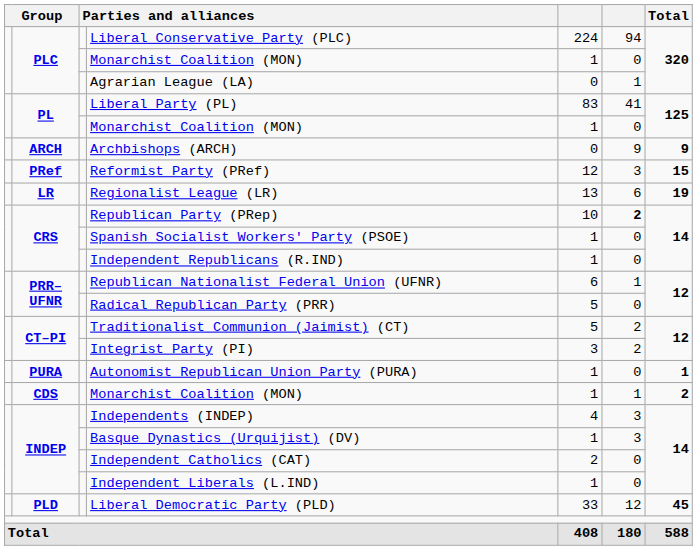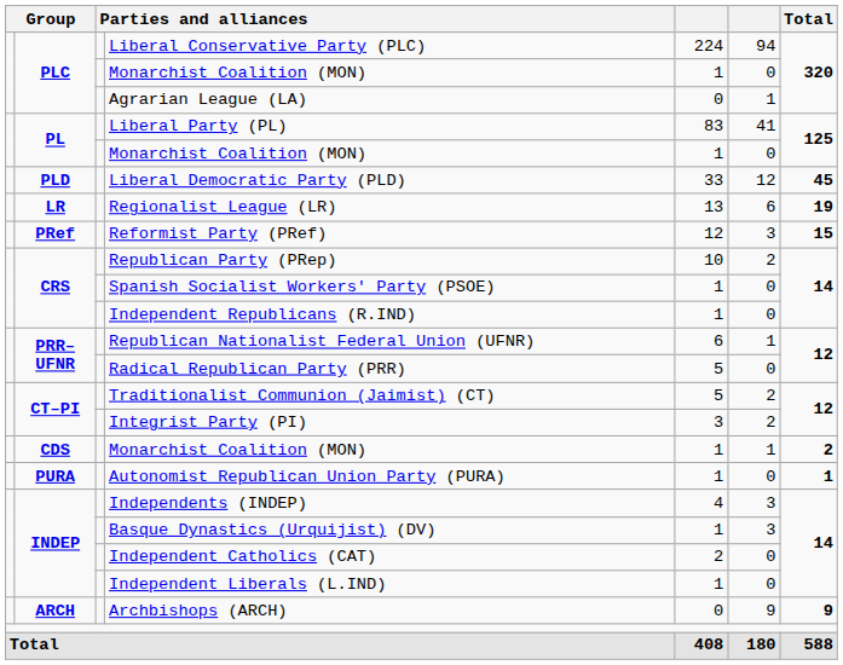 <table class="wikitable" style="text-align:right;">
 <tr>
 <th colspan="2" width="65">Group</th>
 <th style="text-align:left;" colspan="2" width="450">Parties and alliances</th>
 <th width="35"></th>
 <th width="35"></th>
 <th width="35">Total</th>
 </tr>
 <tr>
 <td rowspan="3" width="1"></td>
 <td rowspan="3" align="center"><strong><a href='#'>PLC</a></strong></td>
 <td width="1" style="color:inherit;background:"></td>
 <td align="left"><a href='#'>Liberal Conservative Party</a> (PLC)</td>
 <td>224</td>
 <td>94</td>
 <td rowspan="3"><strong>320</strong></td>
 </tr>
 <tr>
 <td style="color:inherit;background:"></td>
 <td align="left"><a href='#'>Monarchist Coalition</a> (MON)</td>
 <td>1</td>
 <td>0</td>
 </tr>
 <tr>
 <td style="color:inherit;background:"></td>
 <td align="left">Agrarian League (LA)</td>
 <td>0</td>
 <td>1</td>
 </tr>
 <tr>
 <td rowspan="2" style="color:inherit;background:"></td>
 <td rowspan="2" align="center"><strong><a href='#'>PL</a></strong></td>
 <td style="color:inherit;background:"></td>
 <td align="left"><a href='#'>Liberal Party</a> (PL)</td>
 <td>83</td>
 <td>41</td>
 <td rowspan="2"><strong>125</strong></td>
 </tr>
 <tr>
 <td style="color:inherit;background:"></td>
 <td align="left"><a href='#'>Monarchist Coalition</a> (MON)</td>
 <td>1</td>
 <td>0</td>
 </tr>
 <tr>
 <td style="color:inherit;background:"></td>
-<td align="center"><strong><a href='#'>ARCH</a></strong></td>
+<td align="center"><strong><a href='#'>PLD</a></strong></td>
 <td style="color:inherit;background:"></td>
-<td align="left"><a href='#'>Archbishops</a> (ARCH)</td>
-<td>0</td>
-<td>9</td>
-<td><strong>9</strong></td>
+<td align="left"><a href='#'>Liberal Democratic Party</a> (PLD)</td>
+<td>33</td>
+<td>12</td>
+<td><strong>45</strong></td>
+</tr>
+<tr>
+<td style="color:inherit;background:"></td>
+<td align="center"><strong><a href='#'>LR</a></strong></td>
+<td style="color:inherit;background:"></td>
+<td align="left"><a href='#'>Regionalist League</a> (LR)</td>
+<td>13</td>
+<td>6</td>
+<td><strong>19</strong></td>
 </tr>
 <tr>
 <td style="color:inherit;background:"></td>
 <td align="center"><strong><a href='#'>PRef</a></strong></td>
 <td style="color:inherit;background:"></td>
 <td align="left"><a href='#'>Reformist Party</a> (PRef)</td>
 <td>12</td>
 <td>3</td>
 <td><strong>15</strong></td>
 </tr>
 <tr>
-<td style="color:inherit;background:"></td>
-<td align="center"><strong><a href='#'>LR</a></strong></td>
-<td style="color:inherit;background:"></td>
-<td align="left"><a href='#'>Regionalist League</a> (LR)</td>
-<td>13</td>
-<td>6</td>
-<td><strong>19</strong></td>
-</tr>
-<tr>
 <td rowspan="3" style="color:inherit;background:"></td>
 <td rowspan="3" align="center"><strong><a href='#'>CRS</a></strong></td>
 <td style="color:inherit;background:"></td>
 <td align="left"><a href='#'>Republican Party</a> (PRep)</td>
 <td>10</td>
-<td><strong>2</strong></td>
+<td>2</td>
 <td rowspan="3"><strong>14</strong></td>
 </tr>
 <tr>
 <td style="color:inherit;background:"></td>
 <td align="left"><a href='#'>Spanish Socialist Workers' Party</a> (PSOE)</td>
 <td>1</td>
 <td>0</td>
 </tr>
 <tr>
 <td style="color:inherit;background:"></td>
 <td align="left"><a href='#'>Independent Republicans</a> (R.IND)</td>
 <td>1</td>
 <td>0</td>
 </tr>
 <tr>
 <td rowspan="2" style="color:inherit;background:"></td>
 <td rowspan="2" align="center"><strong><a href='#'>PRR–<br>UFNR</a></strong></td>
 <td style="color:inherit;background:"></td>
 <td align="left"><a href='#'>Republican Nationalist Federal Union</a> (UFNR)</td>
 <td>6</td>
 <td>1</td>
 <td rowspan="2"><strong>12</strong></td>
 </tr>
 <tr>
 <td style="color:inherit;background:"></td>
 <td align="left"><a href='#'>Radical Republican Party</a> (PRR)</td>
 <td>5</td>
 <td>0</td>
 </tr>
 <tr>
 <td rowspan="2" style="color:inherit;background:"></td>
 <td rowspan="2" align="center"><strong><a href='#'>CT–PI</a></strong></td>
 <td style="color:inherit;background:"></td>
 <td align="left"><a href='#'>Traditionalist Communion (Jaimist)</a> (CT)</td>
 <td>5</td>
 <td>2</td>
 <td rowspan="2"><strong>12</strong></td>
 </tr>
 <tr>
 <td style="color:inherit;background:"></td>
 <td align="left"><a href='#'>Integrist Party</a> (PI)</td>
 <td>3</td>
 <td>2</td>
 </tr>
 <tr>
 <td style="color:inherit;background:"></td>
+<td align="center"><strong><a href='#'>CDS</a></strong></td>
+<td style="color:inherit;background:"></td>
+<td align="left"><a href='#'>Monarchist Coalition</a> (MON)</td>
+<td>1</td>
+<td>1</td>
+<td><strong>2</strong></td>
+</tr>
+<tr>
+<td style="color:inherit;background:"></td>
 <td align="center"><strong><a href='#'>PURA</a></strong></td>
 <td style="color:inherit;background:"></td>
 <td align="left"><a href='#'>Autonomist Republican Union Party</a> (PURA)</td>
 <td>1</td>
 <td>0</td>
 <td><strong>1</strong></td>
-</tr>
-<tr>
-<td style="color:inherit;background:"></td>
-<td align="center"><strong><a href='#'>CDS</a></strong></td>
-<td style="color:inherit;background:"></td>
-<td align="left"><a href='#'>Monarchist Coalition</a> (MON)</td>
-<td>1</td>
-<td>1</td>
-<td><strong>2</strong></td>
 </tr>
 <tr>
 <td rowspan="4" style="color:inherit;background:"></td>
 <td rowspan="4" align="center"><strong><a href='#'>INDEP</a></strong></td>
 <td style="color:inherit;background:"></td>
 <td align="left"><a href='#'>Independents</a> (INDEP)</td>
 <td>4</td>
 <td>3</td>
 <td rowspan="4"><strong>14</strong></td>
 </tr>
 <tr>
 <td style="color:inherit;background:"></td>
 <td align="left"><a href='#'>Basque Dynastics (Urquijist)</a> (DV)</td>
 <td>1</td>
 <td>3</td>
 </tr>
 <tr>
 <td style="color:inherit;background:"></td>
 <td align="left"><a href='#'>Independent Catholics</a> (CAT)</td>
 <td>2</td>
 <td>0</td>
 </tr>
 <tr>
 <td style="color:inherit;background:"></td>
 <td align="left"><a href='#'>Independent Liberals</a> (L.IND)</td>
 <td>1</td>
 <td>0</td>
 </tr>
 <tr>
 <td style="color:inherit;background:"></td>
-<td align="center"><strong><a href='#'>PLD</a></strong></td>
+<td align="center"><strong><a href='#'>ARCH</a></strong></td>
 <td style="color:inherit;background:"></td>
-<td align="left"><a href='#'>Liberal Democratic Party</a> (PLD)</td>
-<td>33</td>
-<td>12</td>
-<td><strong>45</strong></td>
+<td align="left"><a href='#'>Archbishops</a> (ARCH)</td>
+<td>0</td>
+<td>9</td>
+<td><strong>9</strong></td>
 </tr>
 <tr>
 <td colspan="7"></td>
 </tr>
 <tr style="background:#E4E4E4; font-weight:bold;">
 <td align="left" colspan="4">Total</td>
 <td>408</td>
 <td>180</td>
 <td>588</td>
 </tr>
 </table>
